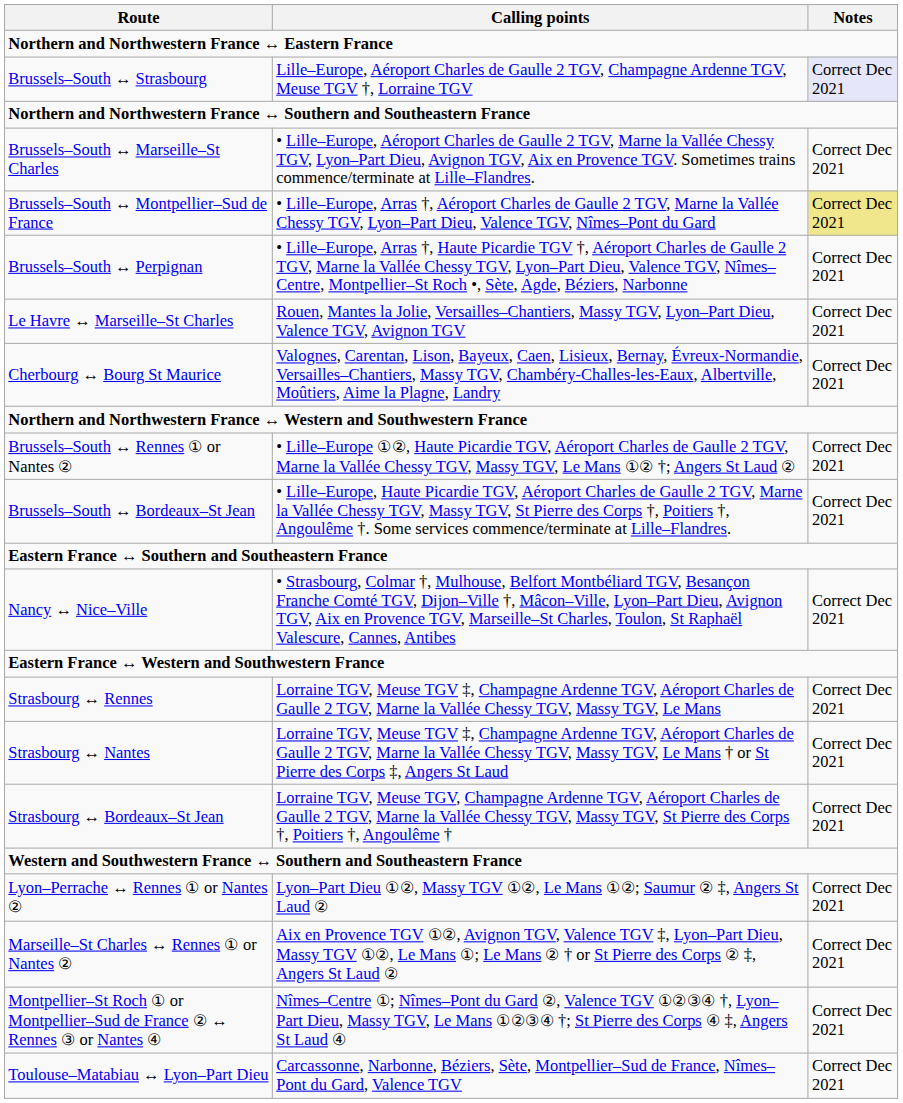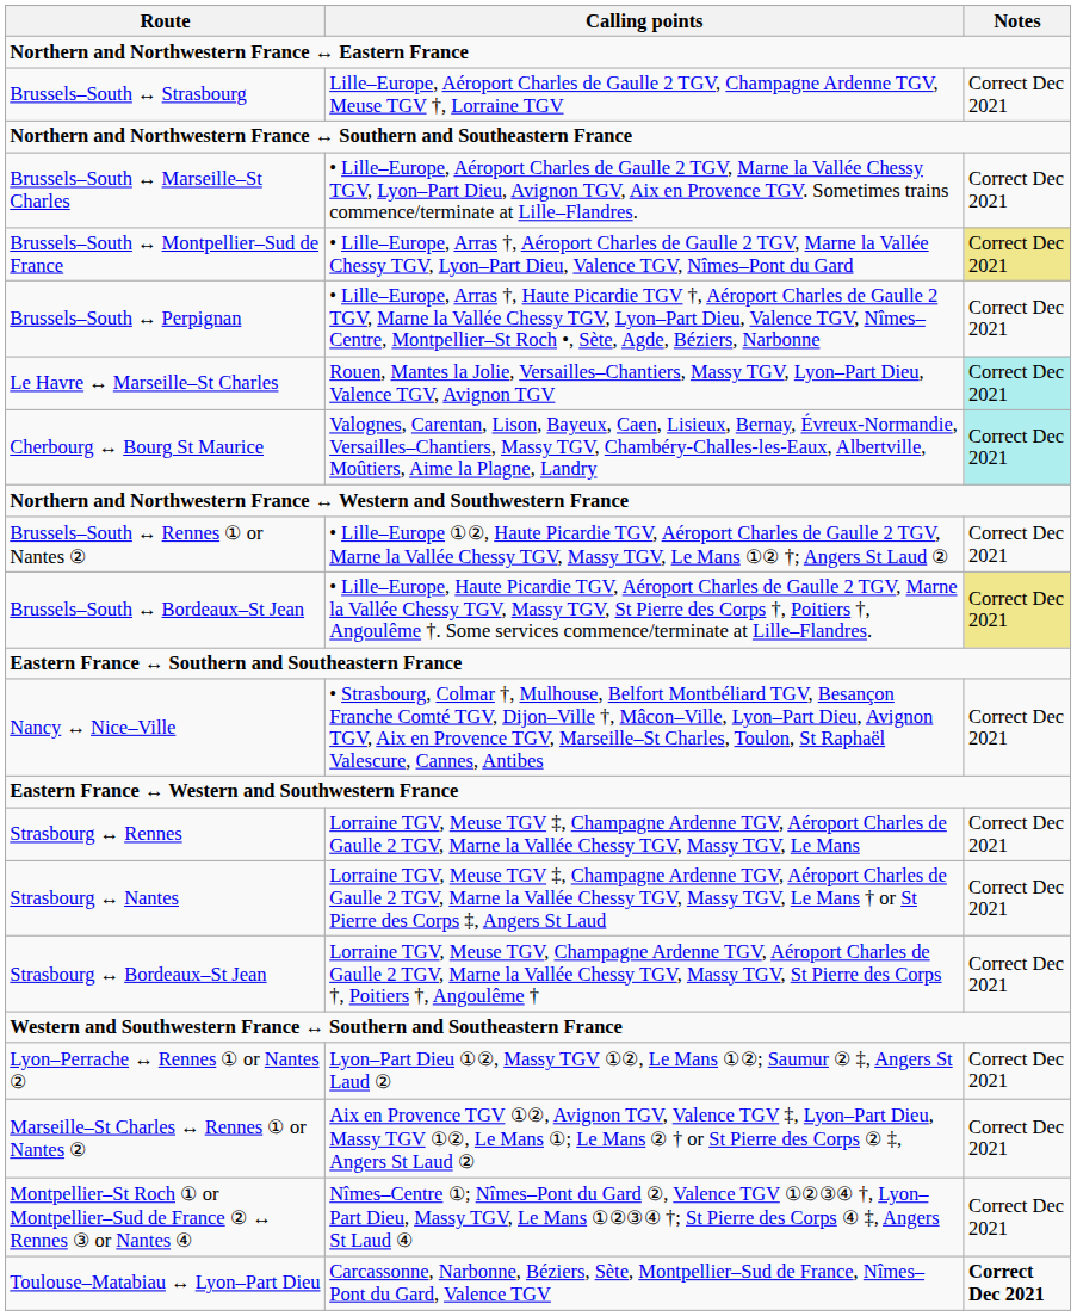 <table class="wikitable vatop">
 <tr>
 <th style=width:30%>Route</th>
 <th style=width:60%>Calling points</th>
 <th style=width:10%>Notes</th>
 </tr>
 <tr>
 <td colspan=4><strong>Northern and Northwestern France ↔ Eastern France</strong></td>
 </tr>
 <tr>
 <td><a href='#'>Brussels–South</a> ↔ <a href='#'>Strasbourg</a></td>
 <td><a href='#'>Lille–Europe</a>, <a href='#'>Aéroport Charles de Gaulle 2 TGV</a>, <a href='#'>Champagne Ardenne TGV</a>, <a href='#'>Meuse TGV</a> †, <a href='#'>Lorraine TGV</a></td>
-<td style="background: lavender;">Correct Dec 2021</td>
+<td>Correct Dec 2021</td>
 </tr>
 <tr>
 <td colspan=4><strong>Northern and Northwestern France ↔ Southern and Southeastern France</strong></td>
 </tr>
 <tr>
 <td><a href='#'>Brussels–South</a> ↔ <a href='#'>Marseille–St Charles</a></td>
 <td>• <a href='#'>Lille–Europe</a>, <a href='#'>Aéroport Charles de Gaulle 2 TGV</a>, <a href='#'>Marne la Vallée Chessy TGV</a>, <a href='#'>Lyon–Part Dieu</a>, <a href='#'>Avignon TGV</a>, <a href='#'>Aix en Provence TGV</a>. Sometimes trains commence/terminate at <a href='#'>Lille–Flandres</a>.</td>
 <td>Correct Dec 2021</td>
 </tr>
 <tr>
 <td><a href='#'>Brussels–South</a> ↔ <a href='#'>Montpellier–Sud de France</a></td>
 <td>• <a href='#'>Lille–Europe</a>, <a href='#'>Arras</a> †, <a href='#'>Aéroport Charles de Gaulle 2 TGV</a>, <a href='#'>Marne la Vallée Chessy TGV</a>, <a href='#'>Lyon–Part Dieu</a>, <a href='#'>Valence TGV</a>, <a href='#'>Nîmes–Pont du Gard</a></td>
 <td style="background: khaki;">Correct Dec 2021</td>
 </tr>
 <tr>
 <td><a href='#'>Brussels–South</a> ↔ <a href='#'>Perpignan</a></td>
 <td>• <a href='#'>Lille–Europe</a>, <a href='#'>Arras</a> †, <a href='#'>Haute Picardie TGV</a> †, <a href='#'>Aéroport Charles de Gaulle 2 TGV</a>, <a href='#'>Marne la Vallée Chessy TGV</a>, <a href='#'>Lyon–Part Dieu</a>, <a href='#'>Valence TGV</a>, <a href='#'>Nîmes–Centre</a>, <a href='#'>Montpellier–St Roch</a> •, <a href='#'>Sète</a>, <a href='#'>Agde</a>, <a href='#'>Béziers</a>, <a href='#'>Narbonne</a></td>
 <td>Correct Dec 2021</td>
 </tr>
 <tr>
 <td><a href='#'>Le Havre</a> ↔ <a href='#'>Marseille–St Charles</a></td>
 <td><a href='#'>Rouen</a>, <a href='#'>Mantes la Jolie</a>, <a href='#'>Versailles–Chantiers</a>, <a href='#'>Massy TGV</a>, <a href='#'>Lyon–Part Dieu</a>, <a href='#'>Valence TGV</a>, <a href='#'>Avignon TGV</a></td>
-<td>Correct Dec 2021</td>
+<td style="background: paleturquoise;">Correct Dec 2021</td>
 </tr>
 <tr>
 <td><a href='#'>Cherbourg</a> ↔ <a href='#'>Bourg St Maurice</a></td>
 <td><a href='#'>Valognes</a>, <a href='#'>Carentan</a>, <a href='#'>Lison</a>, <a href='#'>Bayeux</a>, <a href='#'>Caen</a>, <a href='#'>Lisieux</a>, <a href='#'>Bernay</a>, <a href='#'>Évreux-Normandie</a>, <a href='#'>Versailles–Chantiers</a>, <a href='#'>Massy TGV</a>, <a href='#'>Chambéry-Challes-les-Eaux</a>, <a href='#'>Albertville</a>, <a href='#'>Moûtiers</a>, <a href='#'>Aime la Plagne</a>, <a href='#'>Landry</a></td>
-<td>Correct Dec 2021</td>
+<td style="background: paleturquoise;">Correct Dec 2021</td>
 </tr>
 <tr>
 <td colspan=4><strong>Northern and Northwestern France ↔ Western and Southwestern France</strong></td>
 </tr>
 <tr>
 <td><a href='#'>Brussels–South</a> ↔ <a href='#'>Rennes</a> ① or Nantes ②</td>
 <td>• <a href='#'>Lille–Europe</a> ①②, <a href='#'>Haute Picardie TGV</a>, <a href='#'>Aéroport Charles de Gaulle 2 TGV</a>, <a href='#'>Marne la Vallée Chessy TGV</a>, <a href='#'>Massy TGV</a>, <a href='#'>Le Mans</a> ①② †; <a href='#'>Angers St Laud</a> ②</td>
 <td>Correct Dec 2021</td>
 </tr>
 <tr>
 <td><a href='#'>Brussels–South</a> ↔ <a href='#'>Bordeaux–St Jean</a></td>
 <td>• <a href='#'>Lille–Europe</a>, <a href='#'>Haute Picardie TGV</a>, <a href='#'>Aéroport Charles de Gaulle 2 TGV</a>, <a href='#'>Marne la Vallée Chessy TGV</a>, <a href='#'>Massy TGV</a>, <a href='#'>St Pierre des Corps</a> †, <a href='#'>Poitiers</a> †, <a href='#'>Angoulême</a> †. Some services commence/terminate at <a href='#'>Lille–Flandres</a>.</td>
-<td>Correct Dec 2021</td>
+<td style="background: khaki;">Correct Dec 2021</td>
 </tr>
 <tr>
 <td colspan=4><strong>Eastern France ↔ Southern and Southeastern France</strong></td>
 </tr>
 <tr>
 <td><a href='#'>Nancy</a> ↔ <a href='#'>Nice–Ville</a></td>
 <td>• <a href='#'>Strasbourg</a>, <a href='#'>Colmar</a> †, <a href='#'>Mulhouse</a>, <a href='#'>Belfort Montbéliard TGV</a>, <a href='#'>Besançon Franche Comté TGV</a>, <a href='#'>Dijon–Ville</a> †, <a href='#'>Mâcon–Ville</a>, <a href='#'>Lyon–Part Dieu</a>, <a href='#'>Avignon TGV</a>, <a href='#'>Aix en Provence TGV</a>, <a href='#'>Marseille–St Charles</a>, <a href='#'>Toulon</a>, <a href='#'>St Raphaël Valescure</a>, <a href='#'>Cannes</a>, <a href='#'>Antibes</a></td>
 <td>Correct Dec 2021</td>
 </tr>
 <tr>
 <td colspan=4><strong>Eastern France ↔ Western and Southwestern France</strong></td>
 </tr>
 <tr>
 <td><a href='#'>Strasbourg</a> ↔ <a href='#'>Rennes</a></td>
 <td><a href='#'>Lorraine TGV</a>, <a href='#'>Meuse TGV</a> ‡, <a href='#'>Champagne Ardenne TGV</a>, <a href='#'>Aéroport Charles de Gaulle 2 TGV</a>, <a href='#'>Marne la Vallée Chessy TGV</a>, <a href='#'>Massy TGV</a>, <a href='#'>Le Mans</a></td>
 <td>Correct Dec 2021</td>
 </tr>
 <tr>
 <td><a href='#'>Strasbourg</a> ↔ <a href='#'>Nantes</a></td>
 <td><a href='#'>Lorraine TGV</a>, <a href='#'>Meuse TGV</a> ‡, <a href='#'>Champagne Ardenne TGV</a>, <a href='#'>Aéroport Charles de Gaulle 2 TGV</a>, <a href='#'>Marne la Vallée Chessy TGV</a>, <a href='#'>Massy TGV</a>, <a href='#'>Le Mans</a> † or <a href='#'>St Pierre des Corps</a> ‡, <a href='#'>Angers St Laud</a></td>
 <td>Correct Dec 2021</td>
 </tr>
 <tr>
 <td><a href='#'>Strasbourg</a> ↔ <a href='#'>Bordeaux–St Jean</a></td>
 <td><a href='#'>Lorraine TGV</a>, <a href='#'>Meuse TGV</a>, <a href='#'>Champagne Ardenne TGV</a>, <a href='#'>Aéroport Charles de Gaulle 2 TGV</a>, <a href='#'>Marne la Vallée Chessy TGV</a>, <a href='#'>Massy TGV</a>, <a href='#'>St Pierre des Corps</a> †, <a href='#'>Poitiers</a> †, <a href='#'>Angoulême</a> †</td>
 <td>Correct Dec 2021</td>
 </tr>
 <tr>
 <td colspan=4><strong>Western and Southwestern France ↔ Southern and Southeastern France</strong></td>
 </tr>
 <tr>
 <td><a href='#'>Lyon–Perrache</a> ↔ <a href='#'>Rennes</a> ① or <a href='#'>Nantes</a> ②</td>
 <td><a href='#'>Lyon–Part Dieu</a> ①②, <a href='#'>Massy TGV</a> ①②, <a href='#'>Le Mans</a> ①②; <a href='#'>Saumur</a> ② ‡, <a href='#'>Angers St Laud</a> ②</td>
 <td>Correct Dec 2021</td>
 </tr>
 <tr>
 <td><a href='#'>Marseille–St Charles</a> ↔ <a href='#'>Rennes</a> ① or <a href='#'>Nantes</a> ②</td>
 <td><a href='#'>Aix en Provence TGV</a> ①②, <a href='#'>Avignon TGV</a>, <a href='#'>Valence TGV</a> ‡, <a href='#'>Lyon–Part Dieu</a>, <a href='#'>Massy TGV</a> ①②, <a href='#'>Le Mans</a> ①; <a href='#'>Le Mans</a> ② † or <a href='#'>St Pierre des Corps</a> ② ‡, <a href='#'>Angers St Laud</a> ②</td>
 <td>Correct Dec 2021</td>
 </tr>
 <tr>
 <td><a href='#'>Montpellier–St Roch</a> ① or <a href='#'>Montpellier–Sud de France</a> ② ↔ <a href='#'>Rennes</a> ③ or <a href='#'>Nantes</a> ④</td>
 <td><a href='#'>Nîmes–Centre</a> ①; <a href='#'>Nîmes–Pont du Gard</a> ②, <a href='#'>Valence TGV</a> ①②③④ †, <a href='#'>Lyon–Part Dieu</a>, <a href='#'>Massy TGV</a>, <a href='#'>Le Mans</a> ①②③④ †; <a href='#'>St Pierre des Corps</a> ④ ‡, <a href='#'>Angers St Laud</a> ④</td>
 <td>Correct Dec 2021</td>
 </tr>
 <tr>
 <td><a href='#'>Toulouse–Matabiau</a> ↔ <a href='#'>Lyon–Part Dieu</a></td>
 <td><a href='#'>Carcassonne</a>, <a href='#'>Narbonne</a>, <a href='#'>Béziers</a>, <a href='#'>Sète</a>, <a href='#'>Montpellier–Sud de France</a>, <a href='#'>Nîmes–Pont du Gard</a>, <a href='#'>Valence TGV</a></td>
-<td>Correct Dec 2021</td>
+<td><strong>Correct Dec 2021</strong></td>
 </tr>
 </table>
